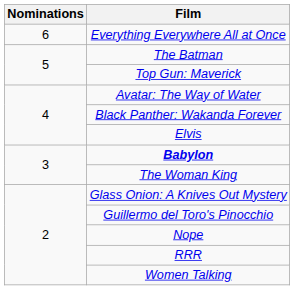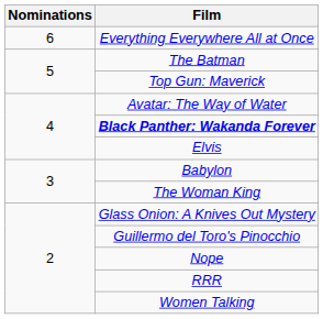 <table class="wikitable" rowspan="2" style="text-align:center" background: #f6e39c;>
 <tr>
 <th scope="col" style="width:55px;">Nominations</th>
 <th scope="col" style="text-align:center;">Film</th>
 </tr>
 <tr>
 <td rowspan="1" style="text-align:center">6</td>
 <td><em><a href='#'>Everything Everywhere All at Once</a></em></td>
 </tr>
 <tr>
 <td rowspan="2" style="text-align:center">5</td>
 <td><em><a href='#'>The Batman</a></em></td>
 </tr>
 <tr>
 <td><em><a href='#'>Top Gun: Maverick</a></em></td>
 </tr>
 <tr>
 <td rowspan="3" style="text-align:center">4</td>
 <td><em><a href='#'>Avatar: The Way of Water</a></em></td>
 </tr>
 <tr>
-<td><em><a href='#'>Black Panther: Wakanda Forever</a></em></td>
+<td><strong><em><a href='#'>Black Panther: Wakanda Forever</a></em></strong></td>
 </tr>
 <tr>
 <td><em><a href='#'>Elvis</a></em></td>
 </tr>
 <tr>
 <td rowspan="2" style="text-align:center">3</td>
-<td><strong><em><a href='#'>Babylon</a></em></strong></td>
+<td><em><a href='#'>Babylon</a></em></td>
 </tr>
 <tr>
 <td><em><a href='#'>The Woman King</a></em></td>
 </tr>
 <tr>
 <td rowspan="5" style="text-align:center">2</td>
 <td><em><a href='#'>Glass Onion: A Knives Out Mystery</a></em></td>
 </tr>
 <tr>
 <td><em><a href='#'>Guillermo del Toro's Pinocchio</a></em></td>
 </tr>
 <tr>
 <td><em><a href='#'>Nope</a></em></td>
 </tr>
 <tr>
 <td><em><a href='#'>RRR</a></em></td>
 </tr>
 <tr>
 <td><em><a href='#'>Women Talking</a></em></td>
 </tr>
 </table>
